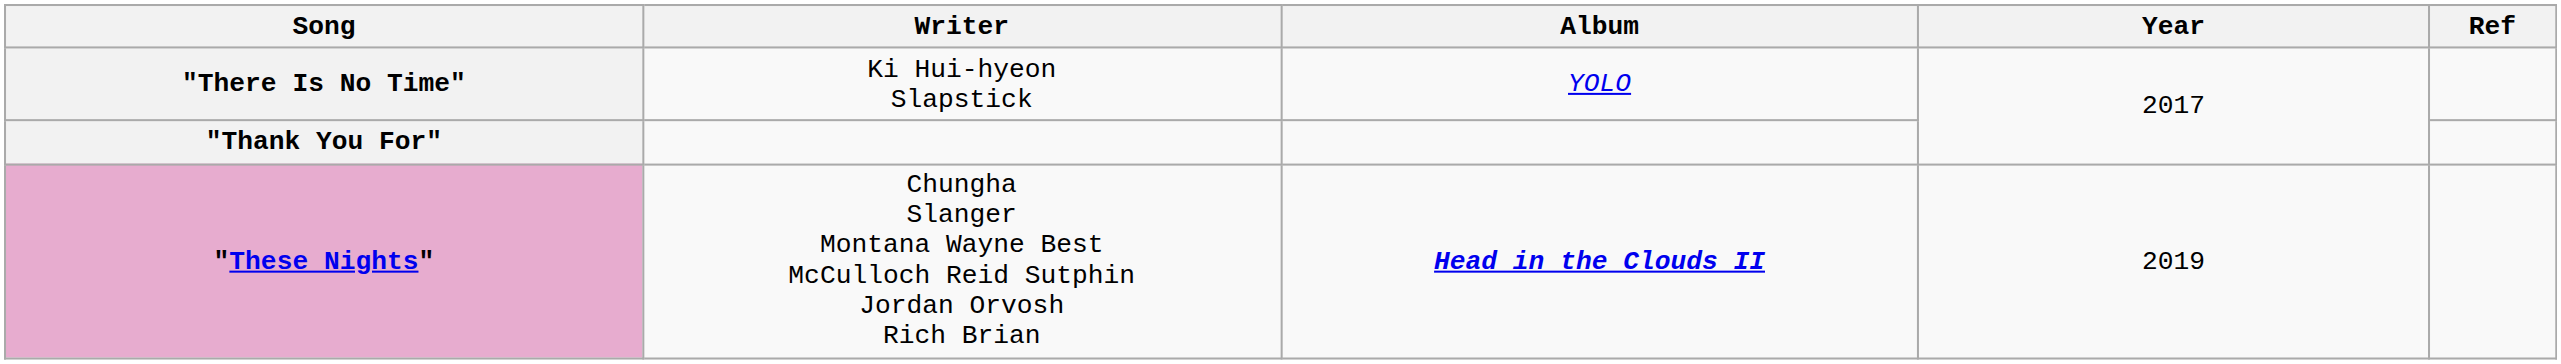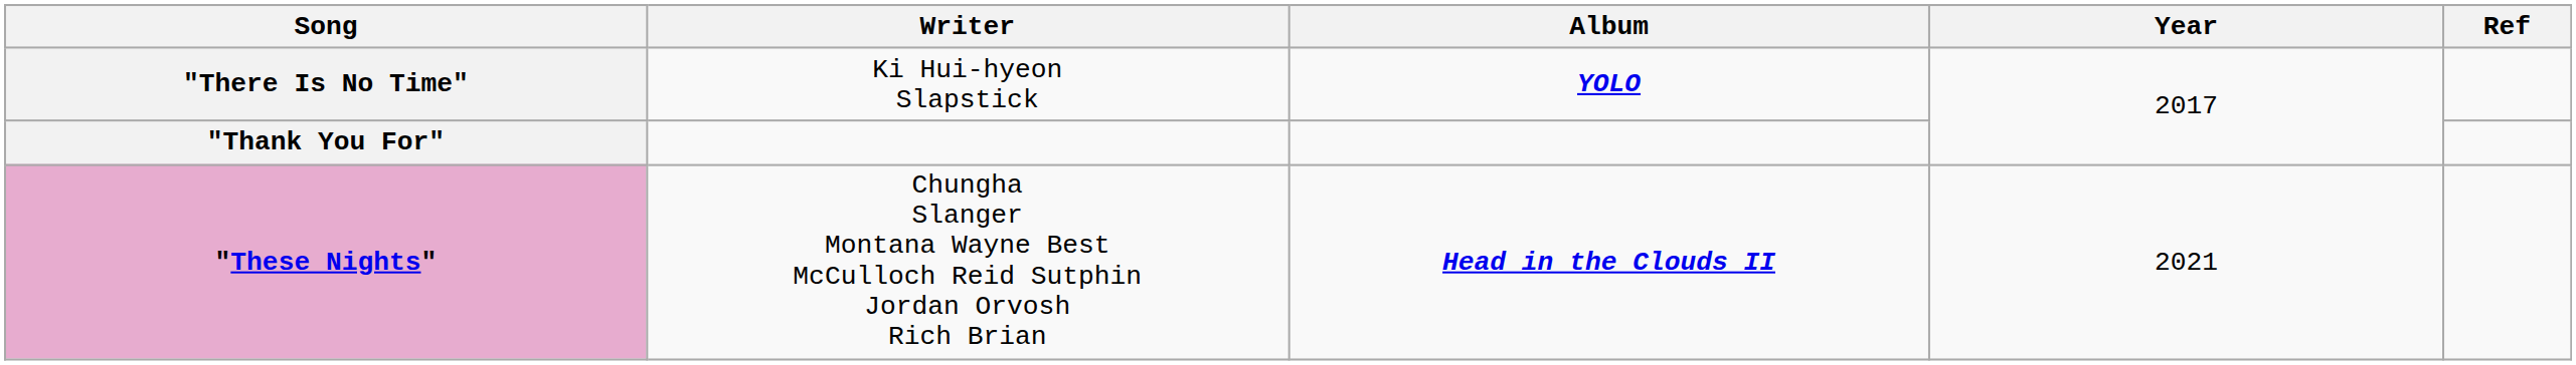 <table class="wikitable" style="text-align:center; width:100%">
 <tr>
 <th style="width:25%">Song</th>
 <th style="width:25%">Writer</th>
 <th style="width:25%">Album</th>
 <th style="width:20%">Year</th>
 <th style="width:5%">Ref</th>
 </tr>
 <tr>
 <th scope="row">"There Is No Time"<br></th>
 <td>Ki Hui-hyeon<br>Slapstick</td>
-<td><em><a href='#'>YOLO</a></em></td>
+<td><strong><em><a href='#'>YOLO</a></em></strong></td>
 <td rowspan="2">2017</td>
 <td></td>
 </tr>
 <tr>
 <th scope="row">"Thank You For"</th>
 <td></td>
 <td></td>
 <td></td>
 </tr>
 <tr>
 <th scope="row" style="background-color:#E7ACCF">"<a href='#'>These Nights</a>"<br> </th>
 <td>Chungha<br>Slanger<br>Montana Wayne Best<br>McCulloch Reid Sutphin<br>Jordan Orvosh<br>Rich Brian</td>
 <td><strong><em><a href='#'>Head in the Clouds II</a></em></strong></td>
-<td>2019</td>
+<td>2021</td>
 <td></td>
 </tr>
 </table>
